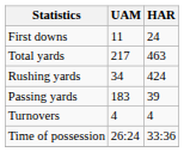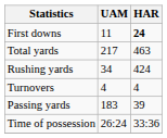 <table class="wikitable" style="float: left;">
 <tr>
 <th>Statistics</th>
 <th>UAM</th>
 <th>HAR</th>
 </tr>
 <tr>
 <td>First downs</td>
 <td>11</td>
-<td>24</td>
+<td><strong>24</strong></td>
 </tr>
 <tr>
 <td>Total yards</td>
 <td>217</td>
 <td>463</td>
 </tr>
 <tr>
 <td>Rushing yards</td>
 <td>34</td>
 <td>424</td>
 </tr>
 <tr>
+<td>Turnovers</td>
+<td>4</td>
+<td>4</td>
+</tr>
+<tr>
 <td>Passing yards</td>
 <td>183</td>
 <td>39</td>
-</tr>
-<tr>
-<td>Turnovers</td>
-<td>4</td>
-<td>4</td>
 </tr>
 <tr>
 <td>Time of possession</td>
 <td>26:24</td>
 <td>33:36</td>
 </tr>
 <tr>
 </tr>
 </table>
